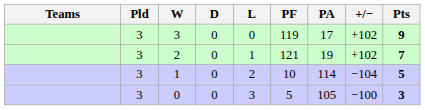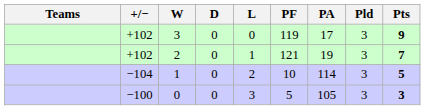 <table class="wikitable" style="text-align: center;">
 <tr>
 <th width="140">Teams</th>
-<th width="40">Pld</th>
+<th width="40">+/−</th>
 <th width="40">W</th>
 <th width="40">D</th>
 <th width="40">L</th>
 <th width="40">PF</th>
 <th width="40">PA</th>
-<th width="40">+/−</th>
+<th width="40">Pld</th>
 <th width="40">Pts</th>
 </tr>
 <tr bgcolor=ccffcc>
 <td align=left></td>
-<td>3</td>
+<td>+102</td>
 <td>3</td>
 <td>0</td>
 <td>0</td>
 <td>119</td>
 <td>17</td>
-<td>+102</td>
+<td>3</td>
 <td><strong>9</strong></td>
 </tr>
 <tr bgcolor=ccffcc>
 <td align=left></td>
-<td>3</td>
+<td>+102</td>
 <td>2</td>
 <td>0</td>
 <td>1</td>
 <td>121</td>
 <td>19</td>
-<td>+102</td>
+<td>3</td>
 <td><strong>7</strong></td>
 </tr>
 <tr bgcolor=ccccff>
 <td align=left></td>
-<td>3</td>
+<td>−104</td>
 <td>1</td>
 <td>0</td>
 <td>2</td>
 <td>10</td>
 <td>114</td>
-<td>−104</td>
+<td>3</td>
 <td><strong>5</strong></td>
 </tr>
 <tr bgcolor=ccccff>
 <td align=left></td>
-<td>3</td>
+<td>−100</td>
 <td>0</td>
 <td>0</td>
 <td>3</td>
 <td>5</td>
 <td>105</td>
-<td>−100</td>
+<td>3</td>
 <td><strong>3</strong></td>
 </tr>
 </table>
